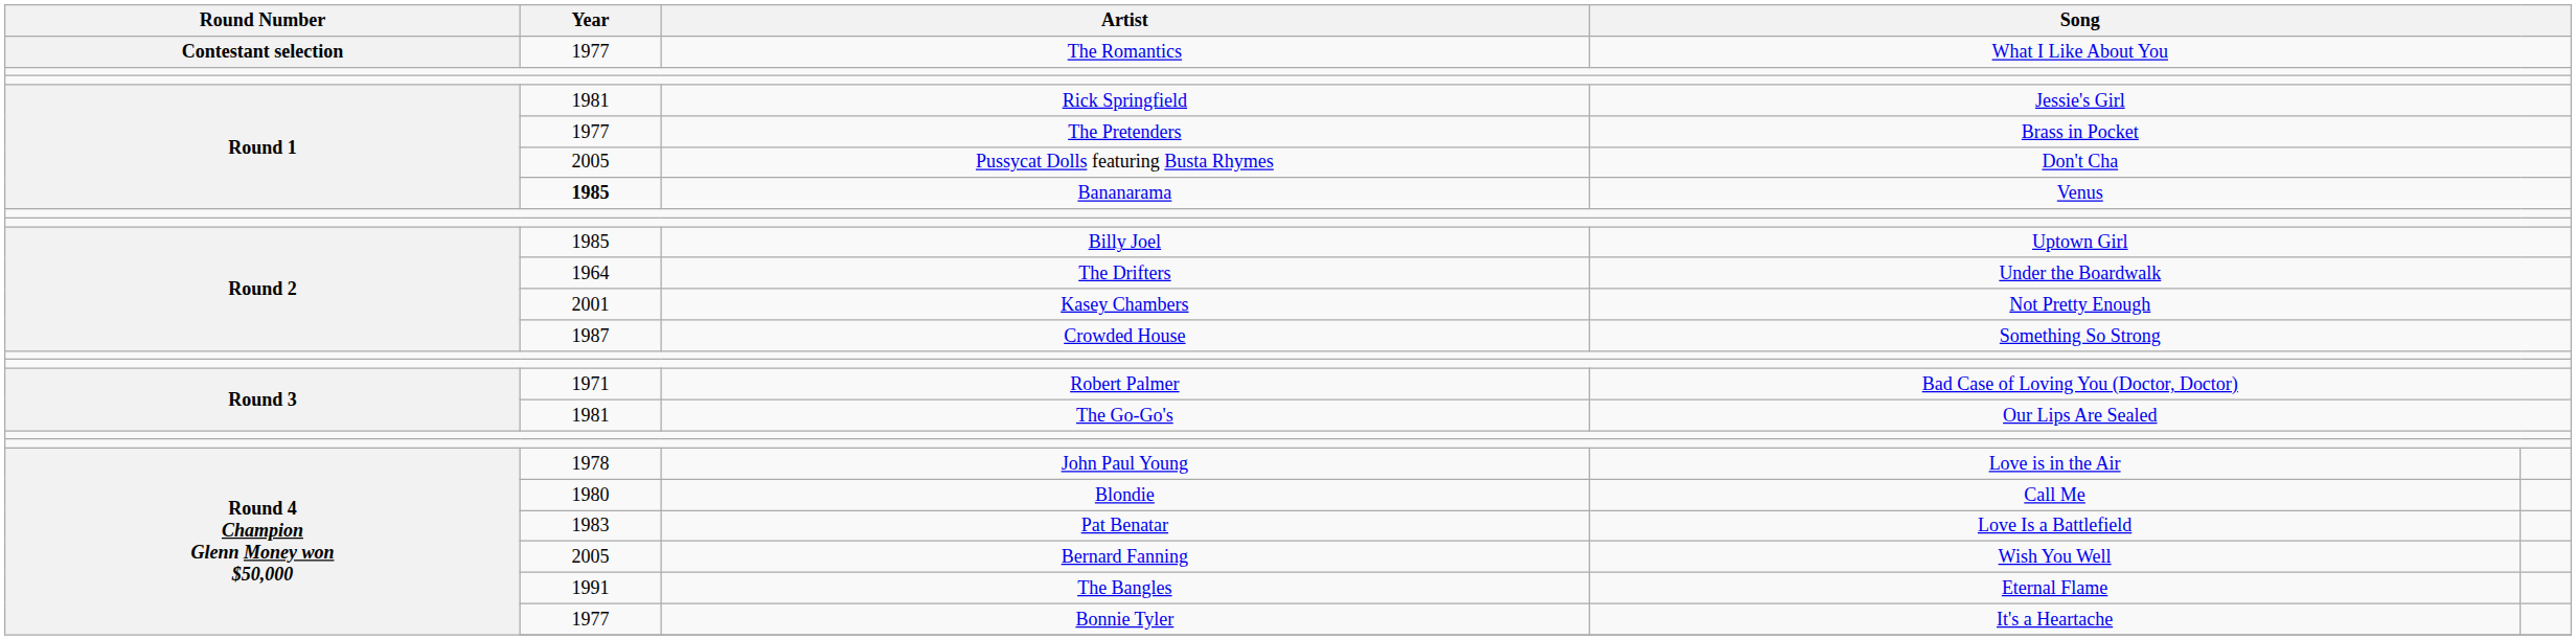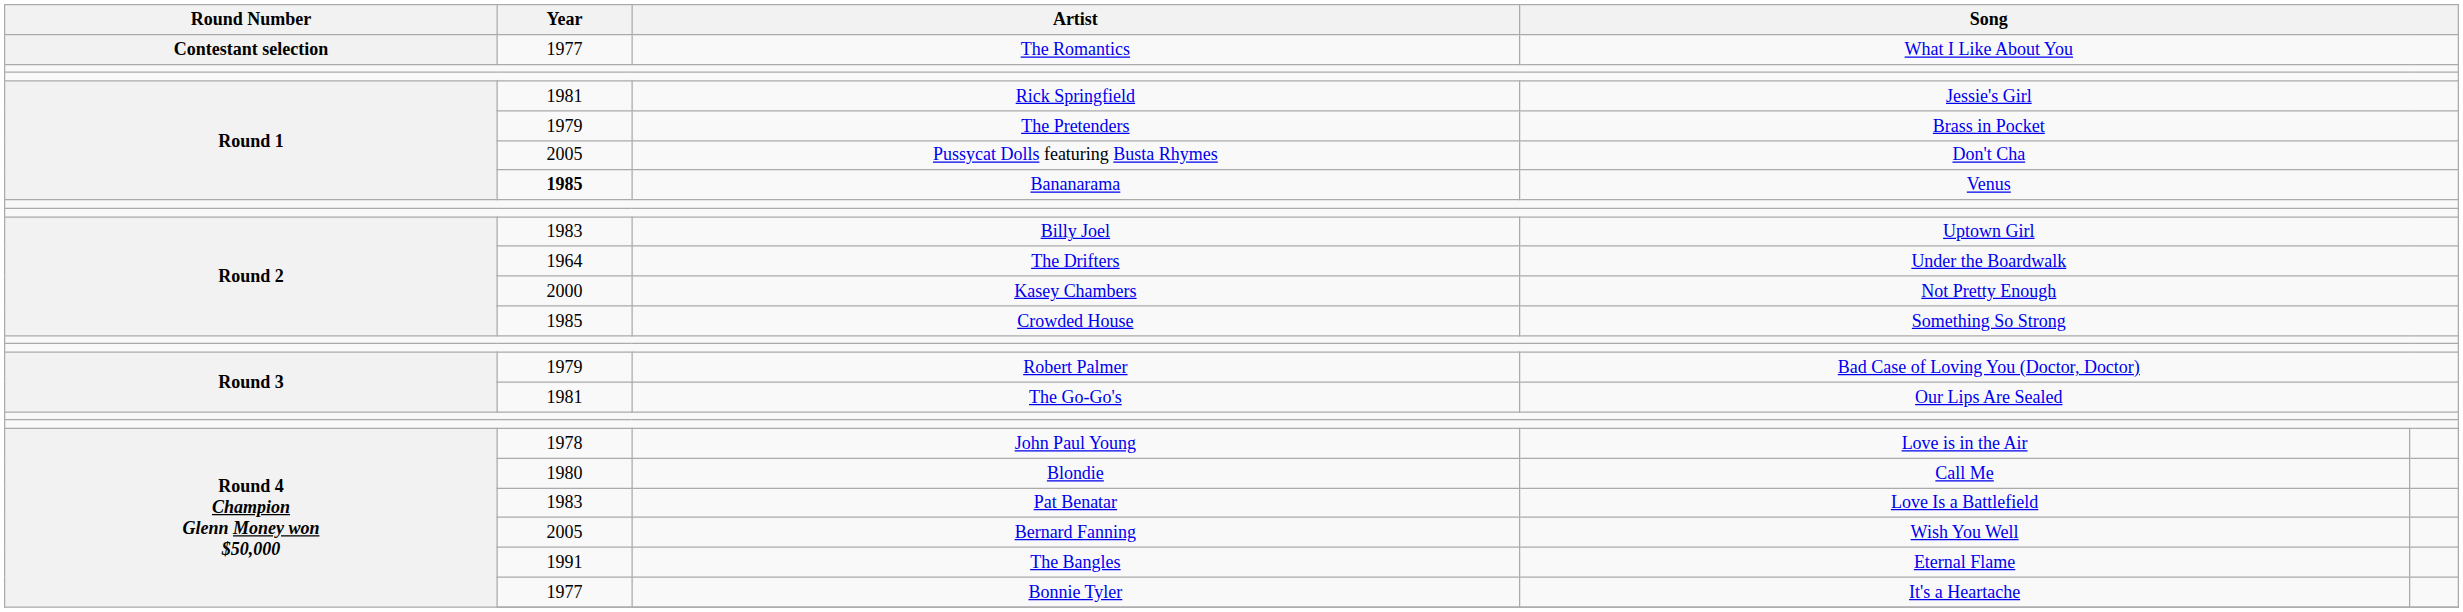 <table class="wikitable" style="text-align: center; font-size:90%" width="99%">
 <tr>
 <th>Round Number</th>
 <th>Year</th>
 <th>Artist</th>
 <th colspan="2">Song</th>
 </tr>
 <tr>
 <th rowspan="1">Contestant selection</th>
 <td>1977</td>
 <td><a href='#'>The Romantics</a></td>
 <td colspan="2"><a href='#'>What I Like About You</a></td>
 </tr>
 <tr>
 <td colspan=11></td>
 </tr>
 <tr>
 <td colspan=11></td>
 </tr>
 <tr>
 <th rowspan="4">Round 1</th>
 <td>1981</td>
 <td><a href='#'>Rick Springfield</a></td>
 <td colspan="2"><a href='#'>Jessie's Girl</a></td>
 </tr>
 <tr>
-<td>1977</td>
+<td>1979</td>
 <td><a href='#'>The Pretenders</a></td>
 <td colspan="2"><a href='#'>Brass in Pocket</a></td>
 </tr>
 <tr>
 <td>2005</td>
 <td><a href='#'>Pussycat Dolls</a> featuring <a href='#'>Busta Rhymes</a></td>
 <td colspan="2"><a href='#'>Don't Cha</a></td>
 </tr>
 <tr>
 <td><strong>1985</strong></td>
 <td><a href='#'>Bananarama</a></td>
 <td colspan="2"><a href='#'>Venus</a></td>
 </tr>
 <tr>
 <td colspan=11></td>
 </tr>
 <tr>
 <td colspan=11></td>
 </tr>
 <tr>
 <th rowspan="4">Round 2</th>
-<td>1985</td>
+<td>1983</td>
 <td><a href='#'>Billy Joel</a></td>
 <td colspan="2"><a href='#'>Uptown Girl</a></td>
 </tr>
 <tr>
 <td>1964</td>
 <td><a href='#'>The Drifters</a></td>
 <td colspan="2"><a href='#'>Under the Boardwalk</a></td>
 </tr>
 <tr>
-<td>2001</td>
+<td>2000</td>
 <td><a href='#'>Kasey Chambers</a></td>
 <td colspan="2"><a href='#'>Not Pretty Enough</a></td>
 </tr>
 <tr>
-<td>1987</td>
+<td>1985</td>
 <td><a href='#'>Crowded House</a></td>
 <td colspan="2"><a href='#'>Something So Strong</a></td>
 </tr>
 <tr>
 <td colspan=11></td>
 </tr>
 <tr>
 <td colspan=11></td>
 </tr>
 <tr>
 <th rowspan="2">Round 3</th>
-<td>1971</td>
+<td>1979</td>
 <td><a href='#'>Robert Palmer</a></td>
 <td colspan="2"><a href='#'>Bad Case of Loving You (Doctor, Doctor)</a></td>
 </tr>
 <tr>
 <td>1981</td>
 <td><a href='#'>The Go-Go's</a></td>
 <td colspan="2"><a href='#'>Our Lips Are Sealed</a></td>
 </tr>
 <tr>
 <td colspan=11></td>
 </tr>
 <tr>
 <td colspan=11></td>
 </tr>
 <tr>
 <th rowspan="7">Round 4<br><em><u>Champion</u><br>Glenn</em> <em><u>Money won</u><br>$50,000</em></th>
 <td>1978</td>
 <td><a href='#'>John Paul Young</a></td>
 <td><a href='#'>Love is in the Air</a></td>
 <td></td>
 </tr>
 <tr>
 <td>1980</td>
 <td><a href='#'>Blondie</a></td>
 <td><a href='#'>Call Me</a></td>
 <td></td>
 </tr>
 <tr>
 <td>1983</td>
 <td><a href='#'>Pat Benatar</a></td>
 <td><a href='#'>Love Is a Battlefield</a></td>
 <td></td>
 </tr>
 <tr>
 <td>2005</td>
 <td><a href='#'>Bernard Fanning</a></td>
 <td><a href='#'>Wish You Well</a></td>
 <td></td>
 </tr>
 <tr>
 <td>1991</td>
 <td><a href='#'>The Bangles</a></td>
 <td><a href='#'>Eternal Flame</a></td>
 <td></td>
 </tr>
 <tr>
 <td>1977</td>
 <td><a href='#'>Bonnie Tyler</a></td>
 <td><a href='#'>It's a Heartache</a></td>
 <td></td>
 </tr>
 <tr>
 </tr>
 </table>
